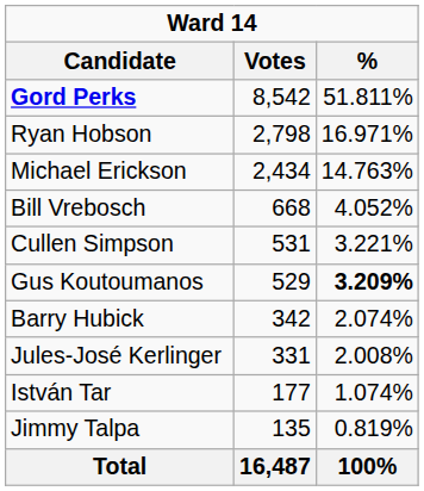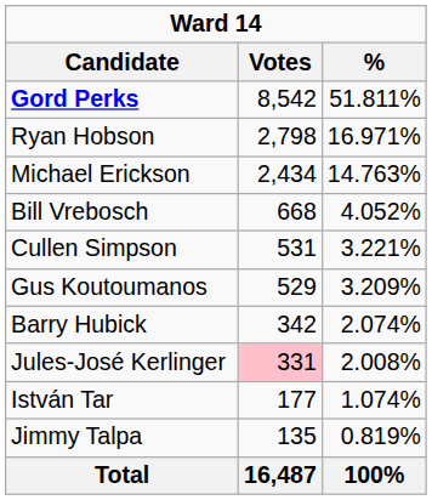 <table class="wikitable">
 <tr>
 <td Colspan="3" align="center"><strong>Ward 14</strong></td>
 </tr>
 <tr>
 <th bgcolor="#DDDDFF" width="150px">Candidate</th>
 <th bgcolor="#DDDDFF">Votes</th>
 <th bgcolor="#DDDDFF">%</th>
 </tr>
 <tr>
 <td><strong><a href='#'>Gord Perks</a></strong></td>
 <td align=right>8,542</td>
 <td align=right>51.811%</td>
 </tr>
 <tr>
 <td>Ryan Hobson</td>
 <td align=right>2,798</td>
 <td align=right>16.971%</td>
 </tr>
 <tr>
 <td>Michael Erickson</td>
 <td align=right>2,434</td>
 <td align=right>14.763%</td>
 </tr>
 <tr>
 <td>Bill Vrebosch</td>
 <td align=right>668</td>
 <td align=right>4.052%</td>
 </tr>
 <tr>
 <td>Cullen Simpson</td>
 <td align=right>531</td>
 <td align=right>3.221%</td>
 </tr>
 <tr>
 <td>Gus Koutoumanos</td>
 <td align=right>529</td>
-<td align=right><strong>3.209%</strong></td>
+<td align=right>3.209%</td>
 </tr>
 <tr>
 <td>Barry Hubick</td>
 <td align=right>342</td>
 <td align=right>2.074%</td>
 </tr>
 <tr>
 <td>Jules-José Kerlinger</td>
-<td align=right>331</td>
+<td align=right style="background: pink;">331</td>
 <td align=right>2.008%</td>
 </tr>
 <tr>
 <td>István Tar</td>
 <td align=right>177</td>
 <td align=right>1.074%</td>
 </tr>
 <tr>
 <td>Jimmy Talpa</td>
 <td align=right>135</td>
 <td align=right>0.819%</td>
 </tr>
 <tr>
 <th>Total</th>
 <th align=right>16,487</th>
 <th align=right>100%</th>
 </tr>
 </table>
